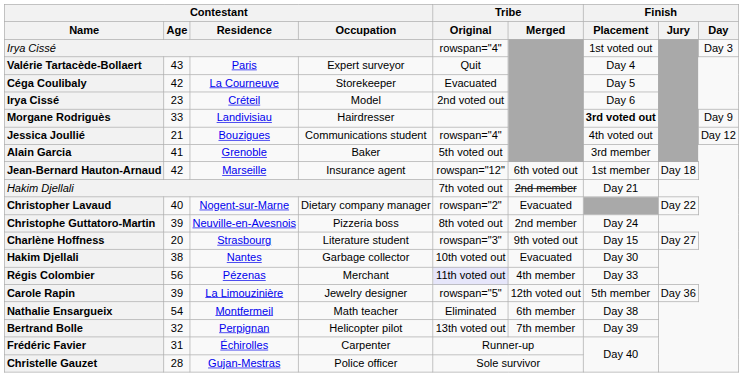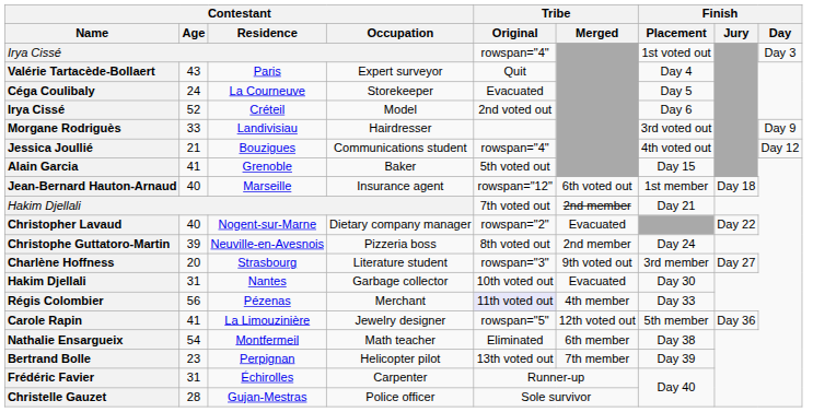 <table class="wikitable sortable" style="text-align:center;">
 <tr>
 <th colspan="4" scope="colgroup" class="unsortable">Contestant</th>
 <th colspan="2" scope="colgroup" class="unsortable">Tribe</th>
 <th colspan="3" scope="colgroup" class="unsortable">Finish</th>
 </tr>
 <tr>
 <th scope="col">Name</th>
 <th scope="col">Age</th>
 <th scope="col" class="unsortable">Residence</th>
 <th scope="col" class="unsortable">Occupation</th>
 <th scope="col">Original</th>
 <th class="unsortable">Merged</th>
 <th scope="col" class=unsortable>Placement</th>
 <th scope="col" class=unsortable>Jury</th>
 <th scope="col" class=unsortable>Day</th>
 </tr>
 <tr>
 <th scope="row" colspan="4" style="text-align:left; font-weight:normal;"><em>Irya Cissé</em></th>
 <td>rowspan="4" </td>
 <td rowspan="7" style="background:darkgray; border:none;"></td>
 <td>1st voted out</td>
 <td rowspan="7" style="background:darkgray; border:none;"></td>
 <td>Day 3</td>
 </tr>
 <tr>
 <th scope="row" style="text-align:left;">Valérie Tartacède-Bollaert</th>
 <td>43</td>
 <td><a href='#'>Paris</a></td>
 <td>Expert surveyor</td>
 <td>Quit</td>
 <td>Day 4</td>
 </tr>
 <tr>
 <th scope="row" style="text-align:left;">Céga Coulibaly</th>
-<td>42</td>
+<td>24</td>
 <td><a href='#'>La Courneuve</a></td>
 <td>Storekeeper</td>
 <td>Evacuated</td>
 <td>Day 5</td>
 </tr>
 <tr>
 <th scope="row" style="text-align:left;">Irya Cissé</th>
-<td>23</td>
+<td>52</td>
 <td><a href='#'>Créteil</a></td>
 <td>Model</td>
 <td>2nd voted out</td>
 <td>Day 6</td>
 </tr>
 <tr>
 <th scope="row" style="text-align:left;">Morgane Rodriguès</th>
 <td>33</td>
 <td><a href='#'>Landivisiau</a></td>
 <td>Hairdresser</td>
 <td></td>
-<td><strong>3rd voted out</strong></td>
+<td>3rd voted out</td>
 <td>Day 9</td>
 </tr>
 <tr>
 <th scope="row" style="text-align:left;">Jessica Joullié</th>
 <td>21</td>
 <td><a href='#'>Bouzigues</a></td>
 <td>Communications student</td>
 <td>rowspan="4" </td>
 <td>4th voted out</td>
 <td>Day 12</td>
 </tr>
 <tr>
 <th scope="row" style="text-align:left;">Alain Garcia</th>
 <td>41</td>
 <td><a href='#'>Grenoble</a></td>
 <td>Baker</td>
 <td>5th voted out</td>
-<td>3rd member</td>
+<td>Day 15</td>
 </tr>
 <tr>
 <th scope="row" style="text-align:left;">Jean-Bernard Hauton-Arnaud</th>
-<td>42</td>
+<td>40</td>
 <td><a href='#'>Marseille</a></td>
 <td>Insurance agent</td>
 <td>rowspan="12" </td>
 <td>6th voted out</td>
 <td>1st member</td>
 <td>Day 18</td>
 </tr>
 <tr>
 <th scope="row" colspan="4" style="text-align:left; font-weight:normal;"><em>Hakim Djellali</em></th>
 <td>7th voted out</td>
 <td><s>2nd member</s></td>
 <td>Day 21</td>
 </tr>
 <tr>
 <th scope="row" style="text-align:left;">Christopher Lavaud</th>
 <td>40</td>
 <td><a href='#'>Nogent-sur-Marne</a></td>
 <td>Dietary company manager</td>
 <td>rowspan="2" </td>
 <td>Evacuated</td>
 <td style="background:darkgray; border:none;"></td>
 <td>Day 22</td>
 </tr>
 <tr>
 <th scope="row" style="text-align:left;">Christophe Guttatoro-Martin</th>
 <td>39</td>
 <td><a href='#'>Neuville-en-Avesnois</a></td>
 <td>Pizzeria boss</td>
 <td>8th voted out</td>
 <td>2nd member</td>
 <td>Day 24</td>
 </tr>
 <tr>
 <th scope="row" style="text-align:left;">Charlène Hoffness</th>
 <td>20</td>
 <td><a href='#'>Strasbourg</a></td>
 <td>Literature student</td>
 <td>rowspan="3" </td>
 <td>9th voted out</td>
-<td>Day 15</td>
+<td>3rd member</td>
 <td>Day 27</td>
 </tr>
 <tr>
 <th scope="row" style="text-align:left;">Hakim Djellali</th>
-<td>38</td>
+<td>31</td>
 <td><a href='#'>Nantes</a></td>
 <td>Garbage collector</td>
 <td>10th voted out</td>
 <td>Evacuated</td>
 <td>Day 30</td>
 </tr>
 <tr>
 <th scope="row" style="text-align:left;">Régis Colombier</th>
 <td>56</td>
 <td><a href='#'>Pézenas</a></td>
 <td>Merchant</td>
 <td style="background: lavender;">11th voted out</td>
 <td>4th member</td>
 <td>Day 33</td>
 </tr>
 <tr>
 <th scope="row" style="text-align:left;">Carole Rapin</th>
-<td>39</td>
+<td>41</td>
 <td><a href='#'>La Limouzinière</a></td>
 <td>Jewelry designer</td>
 <td>rowspan="5" </td>
 <td>12th voted out</td>
 <td>5th member</td>
 <td>Day 36</td>
 </tr>
 <tr>
 <th scope="row" style="text-align:left;">Nathalie Ensargueix</th>
 <td>54</td>
 <td><a href='#'>Montfermeil</a></td>
 <td>Math teacher</td>
 <td>Eliminated</td>
 <td>6th member</td>
 <td>Day 38</td>
 </tr>
 <tr>
 <th scope="row" style="text-align:left;">Bertrand Bolle</th>
-<td>32</td>
+<td>23</td>
 <td><a href='#'>Perpignan</a></td>
 <td>Helicopter pilot</td>
 <td>13th voted out</td>
 <td>7th member</td>
 <td>Day 39</td>
 </tr>
 <tr>
 <th scope="row" style="text-align:left;">Frédéric Favier</th>
 <td>31</td>
 <td><a href='#'>Échirolles</a></td>
 <td>Carpenter</td>
 <td colspan="2">Runner-up</td>
 <td rowspan="2">Day 40</td>
 </tr>
 <tr>
 <th scope="row" style="text-align:left;">Christelle Gauzet</th>
 <td>28</td>
 <td><a href='#'>Gujan-Mestras</a></td>
 <td>Police officer</td>
 <td colspan="2">Sole survivor</td>
 </tr>
 </table>
